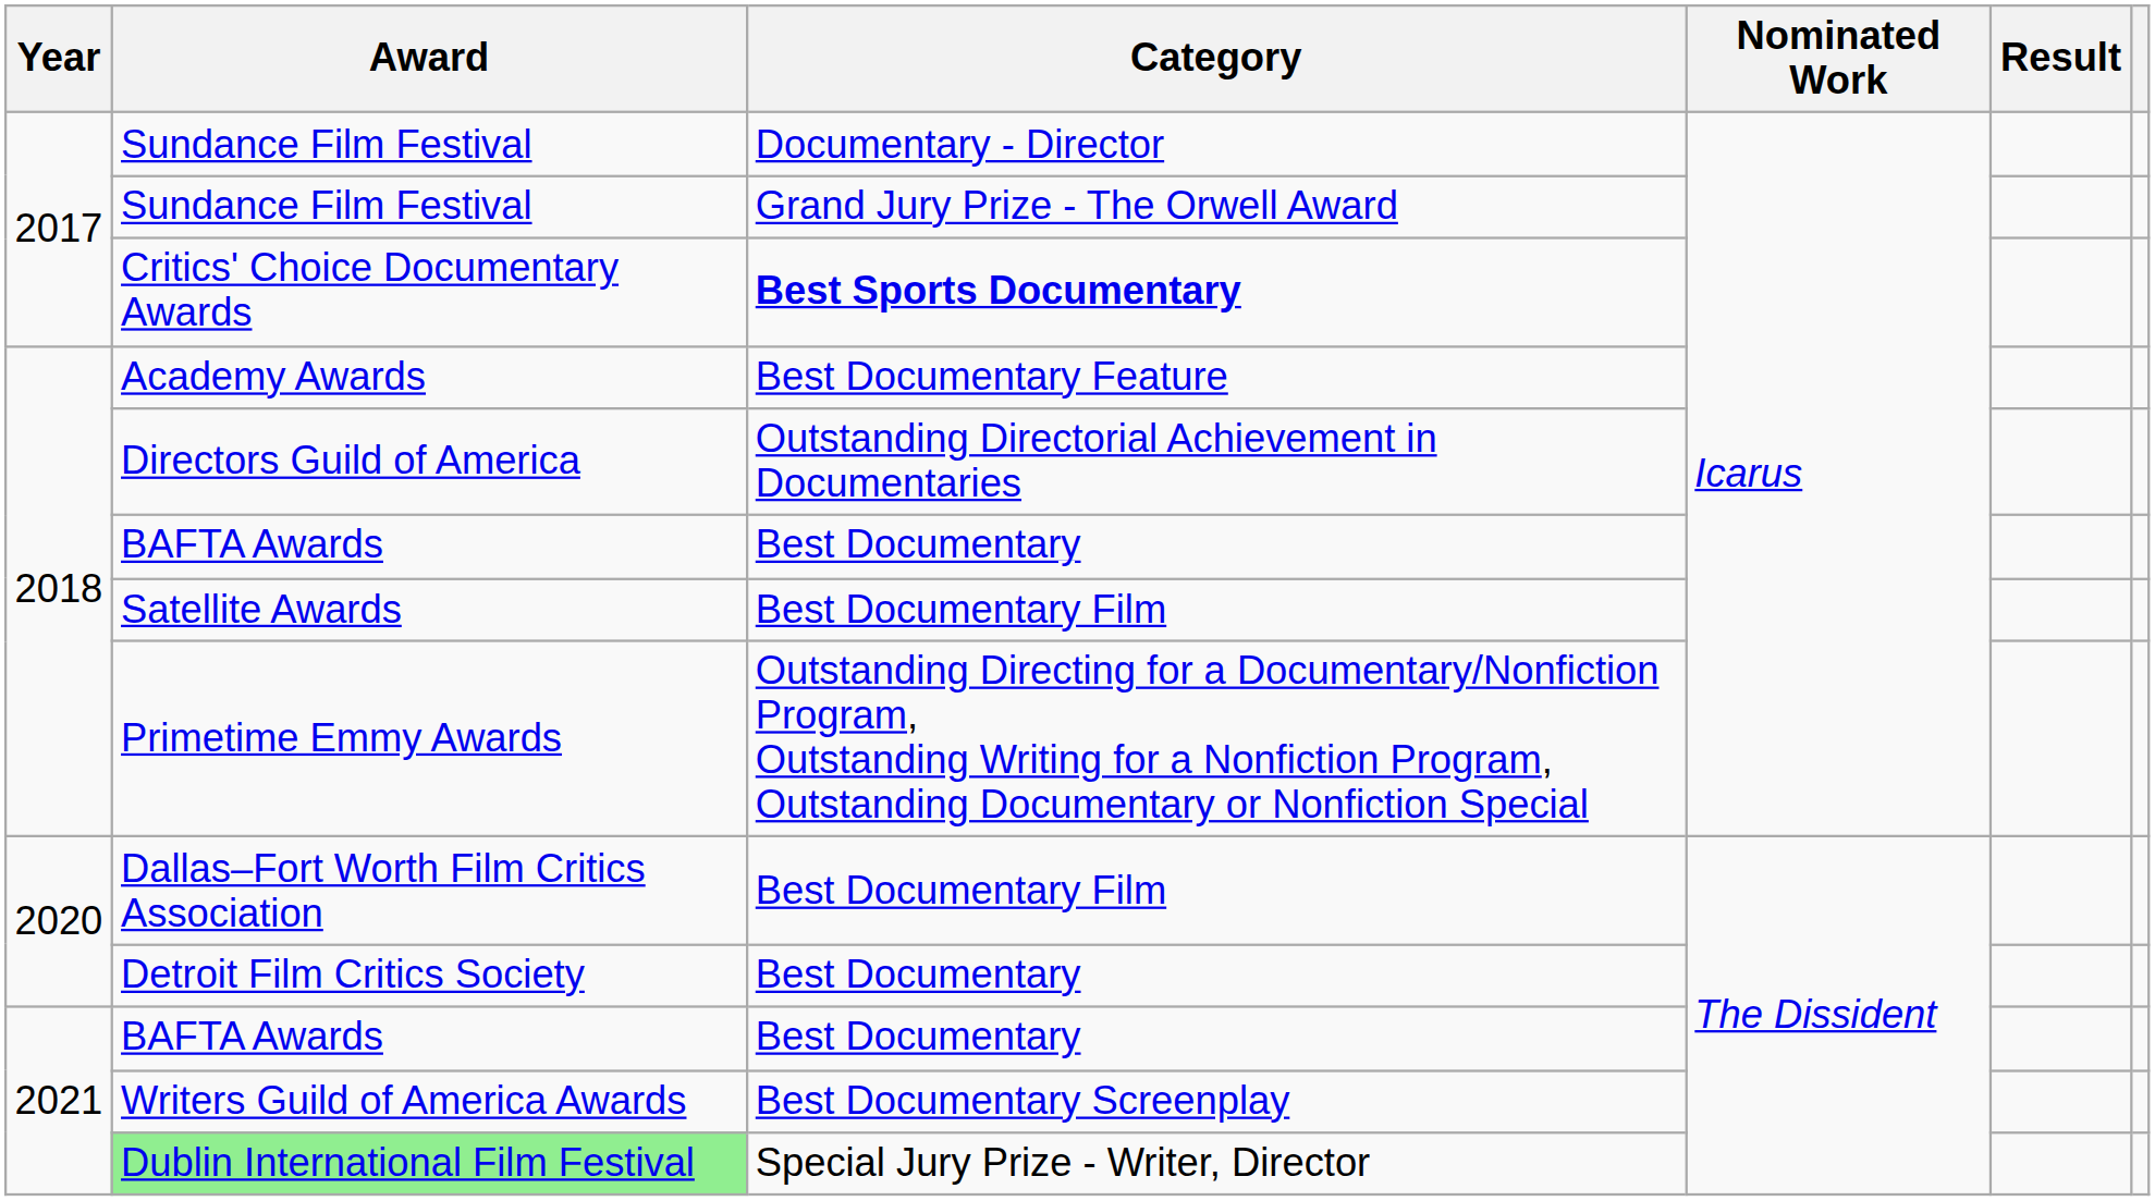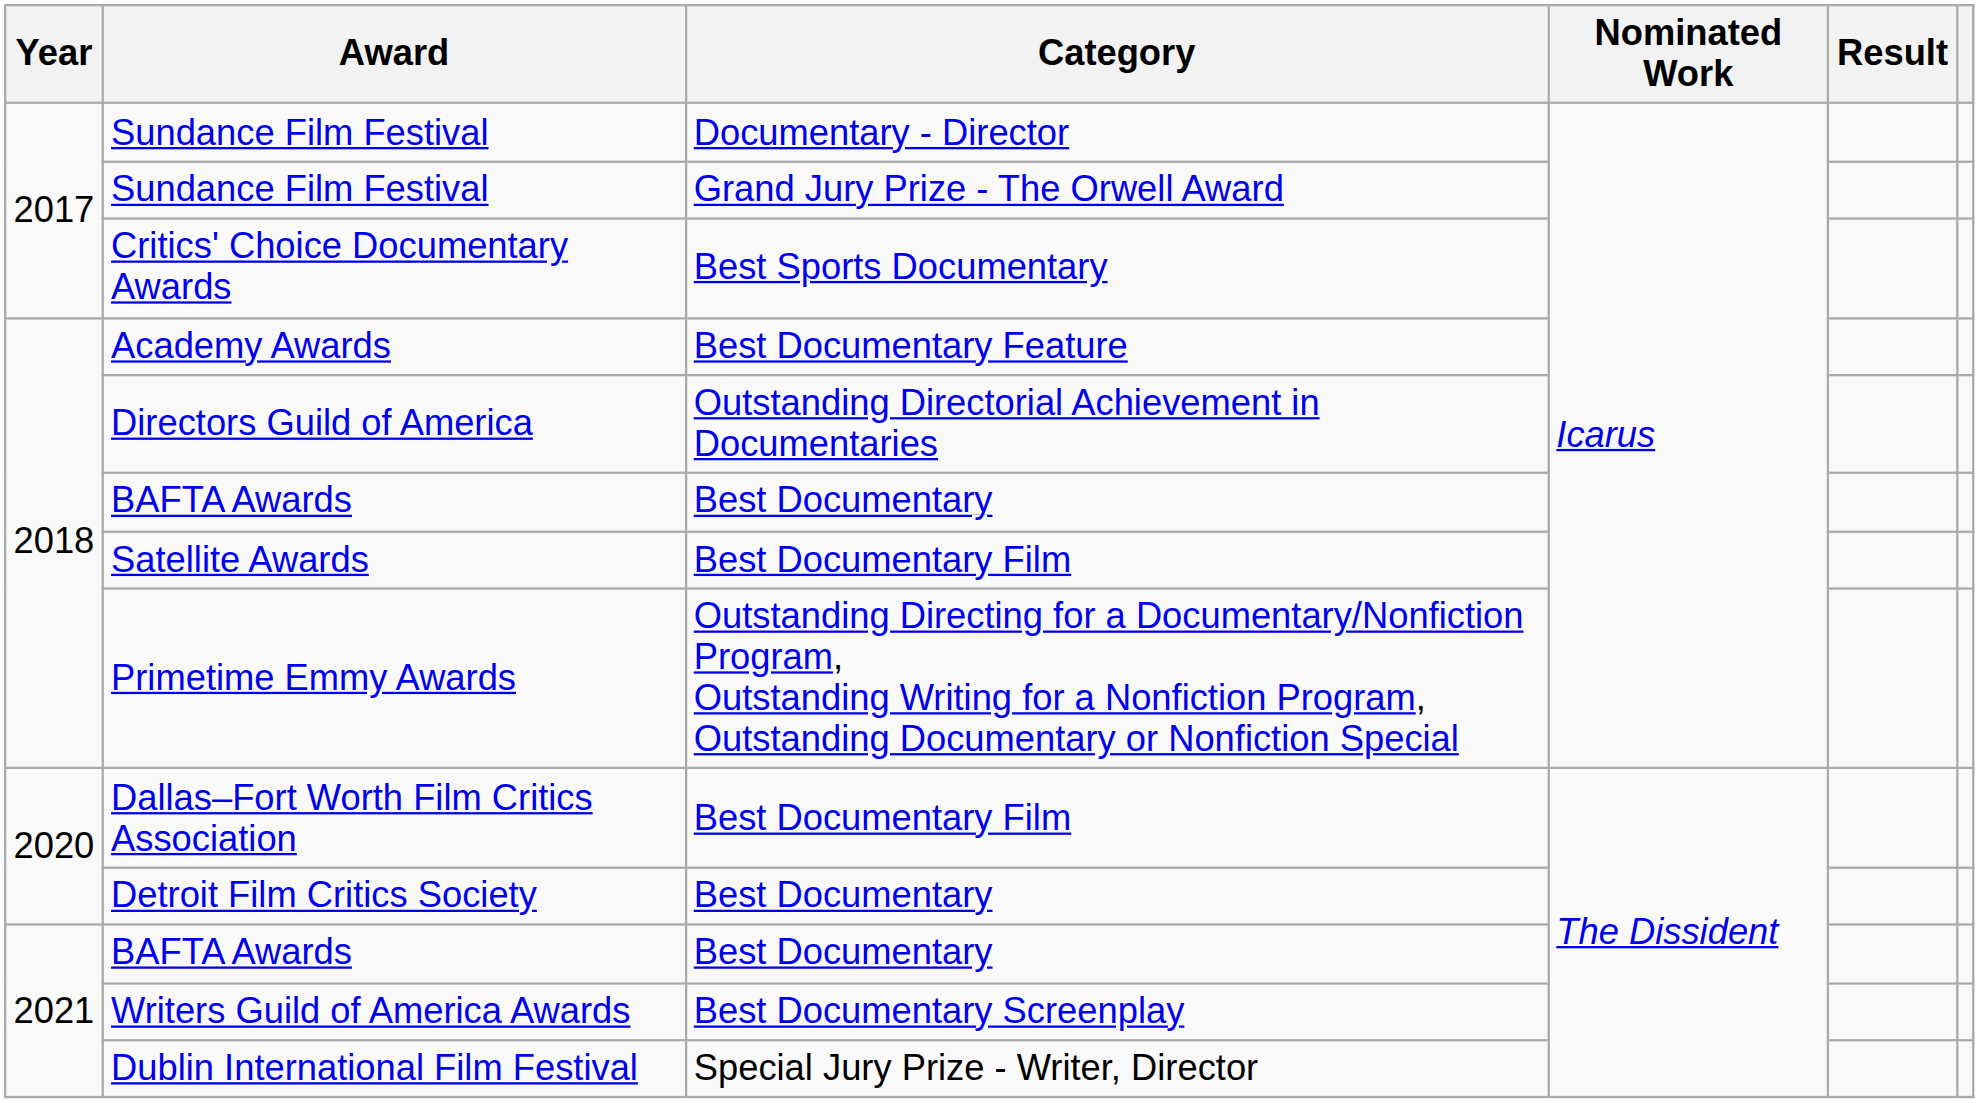 <table class="wikitable">
 <tr>
 <th>Year</th>
 <th>Award</th>
 <th>Category</th>
 <th>Nominated Work</th>
 <th>Result</th>
 <th></th>
 </tr>
 <tr>
 <td rowspan="3">2017</td>
 <td><a href='#'>Sundance Film Festival</a></td>
 <td><a href='#'>Documentary - Director</a></td>
 <td rowspan="8"><em><a href='#'>Icarus</a></em></td>
 <td></td>
 <td></td>
 </tr>
 <tr>
 <td><a href='#'>Sundance Film Festival</a></td>
 <td><a href='#'>Grand Jury Prize - The Orwell Award</a></td>
 <td></td>
 <td></td>
 </tr>
 <tr>
 <td><a href='#'>Critics' Choice Documentary Awards</a></td>
-<td><strong><a href='#'>Best Sports Documentary</a></strong></td>
+<td><a href='#'>Best Sports Documentary</a></td>
 <td></td>
 <td></td>
 </tr>
 <tr>
 <td rowspan="5">2018</td>
 <td><a href='#'>Academy Awards</a></td>
 <td><a href='#'>Best Documentary Feature</a></td>
 <td></td>
 <td></td>
 </tr>
 <tr>
 <td><a href='#'>Directors Guild of America</a></td>
 <td><a href='#'>Outstanding Directorial Achievement in Documentaries</a></td>
 <td></td>
 <td></td>
 </tr>
 <tr>
 <td><a href='#'>BAFTA Awards</a></td>
 <td><a href='#'>Best Documentary</a></td>
 <td></td>
 <td></td>
 </tr>
 <tr>
 <td><a href='#'>Satellite Awards</a></td>
 <td><a href='#'>Best Documentary Film</a></td>
 <td></td>
 <td></td>
 </tr>
 <tr>
 <td><a href='#'>Primetime Emmy Awards</a></td>
 <td><a href='#'>Outstanding Directing for a Documentary/Nonfiction Program</a>, <br><a href='#'>Outstanding Writing for a Nonfiction Program</a>, <br><a href='#'>Outstanding Documentary or Nonfiction Special</a></td>
 <td></td>
 <td></td>
 </tr>
 <tr>
 <td rowspan="2">2020</td>
 <td><a href='#'>Dallas–Fort Worth Film Critics Association</a></td>
 <td><a href='#'>Best Documentary Film</a></td>
 <td rowspan="5"><em><a href='#'>The Dissident</a></em></td>
 <td></td>
 <td></td>
 </tr>
 <tr>
 <td><a href='#'>Detroit Film Critics Society</a></td>
 <td><a href='#'>Best Documentary</a></td>
 <td></td>
 <td></td>
 </tr>
 <tr>
 <td rowspan="3">2021</td>
 <td><a href='#'>BAFTA Awards</a></td>
 <td><a href='#'>Best Documentary</a></td>
 <td></td>
 <td></td>
 </tr>
 <tr>
 <td><a href='#'>Writers Guild of America Awards</a></td>
 <td><a href='#'>Best Documentary Screenplay</a></td>
 <td></td>
 <td></td>
 </tr>
 <tr>
-<td style="background: lightgreen;"><a href='#'>Dublin International Film Festival</a></td>
+<td><a href='#'>Dublin International Film Festival</a></td>
 <td>Special Jury Prize - Writer, Director</td>
 <td></td>
 <td></td>
 </tr>
 </table>
